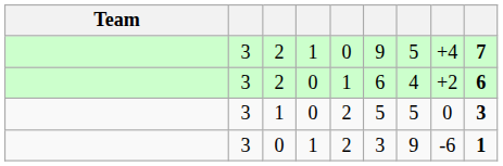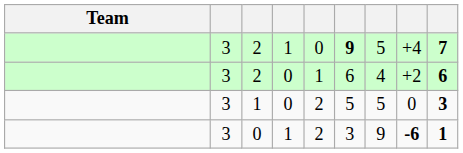 <table class="wikitable" style="text-align:center;">
 <tr>
 <th width="175">Team</th>
 <th width="20"></th>
 <th width="20"></th>
 <th width="20"></th>
 <th width="20"></th>
 <th width="20"></th>
 <th width="20"></th>
 <th width="20"></th>
 <th width="20"></th>
 </tr>
 <tr bgcolor="#ccffcc">
 <td align=left></td>
 <td>3</td>
 <td>2</td>
 <td>1</td>
 <td>0</td>
-<td>9</td>
+<td><strong>9</strong></td>
 <td>5</td>
 <td>+4</td>
 <td><strong>7</strong></td>
 </tr>
 <tr bgcolor="#ccffcc">
 <td align=left></td>
 <td>3</td>
 <td>2</td>
 <td>0</td>
 <td>1</td>
 <td>6</td>
 <td>4</td>
 <td>+2</td>
 <td><strong>6</strong></td>
 </tr>
 <tr>
 <td align=left></td>
 <td>3</td>
 <td>1</td>
 <td>0</td>
 <td>2</td>
 <td>5</td>
 <td>5</td>
 <td>0</td>
 <td><strong>3</strong></td>
 </tr>
 <tr>
 <td align=left></td>
 <td>3</td>
 <td>0</td>
 <td>1</td>
 <td>2</td>
 <td>3</td>
 <td>9</td>
-<td>-6</td>
+<td><strong>-6</strong></td>
 <td><strong>1</strong></td>
 </tr>
 </table>
